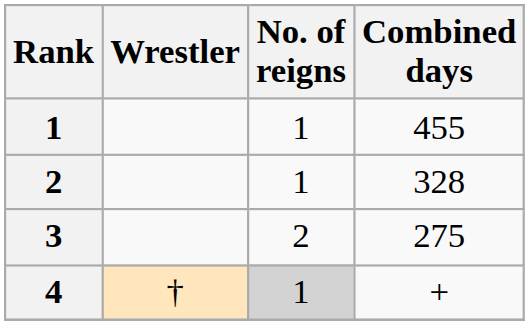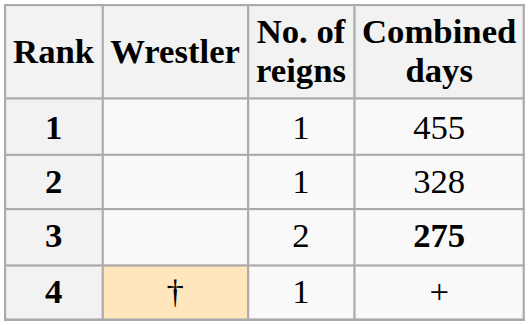 <table class="wikitable sortable" style="text-align: center">
 <tr>
 <th>Rank</th>
 <th>Wrestler</th>
 <th>No. of<br>reigns</th>
 <th>Combined<br>days</th>
 </tr>
 <tr>
 <th>1</th>
 <td></td>
 <td>1</td>
 <td>455</td>
 </tr>
 <tr>
 <th>2</th>
 <td></td>
 <td>1</td>
 <td>328</td>
 </tr>
 <tr>
 <th>3</th>
 <td></td>
 <td>2</td>
-<td>275</td>
+<td><strong>275</strong></td>
 </tr>
 <tr>
 <th>4</th>
 <td style="background-color:#FFE6BD"> †</td>
-<td style="background: lightgrey;">1</td>
+<td>1</td>
 <td>+</td>
 </tr>
 <tr>
 </tr>
 </table>
